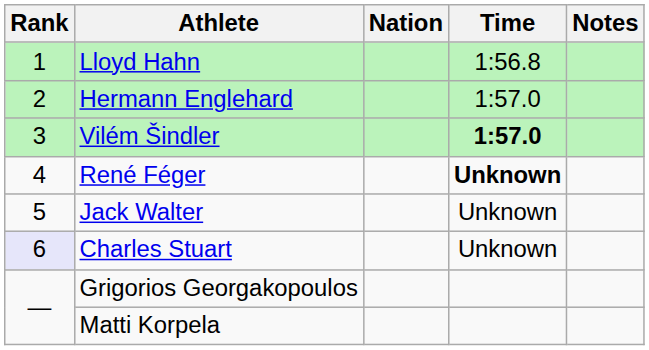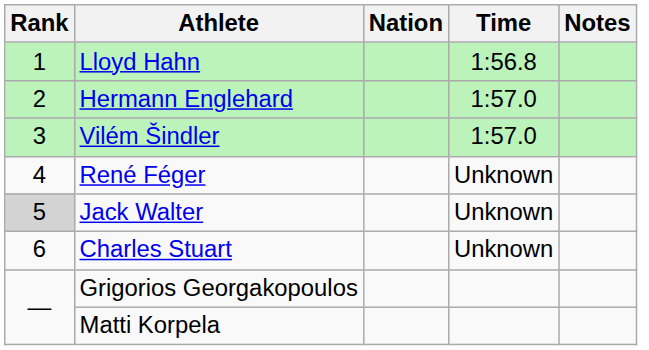 <table class="wikitable sortable" style="text-align:center">
 <tr>
 <th>Rank</th>
 <th>Athlete</th>
 <th>Nation</th>
 <th>Time</th>
 <th>Notes</th>
 </tr>
 <tr bgcolor=bbf3bb>
 <td>1</td>
 <td align=left><a href='#'>Lloyd Hahn</a></td>
 <td align=left></td>
 <td>1:56.8</td>
 <td></td>
 </tr>
 <tr bgcolor=bbf3bb>
 <td>2</td>
 <td align=left><a href='#'>Hermann Englehard</a></td>
 <td align=left></td>
 <td>1:57.0</td>
 <td></td>
 </tr>
 <tr bgcolor=bbf3bb>
 <td>3</td>
 <td align=left><a href='#'>Vilém Šindler</a></td>
 <td align=left></td>
-<td><strong>1:57.0</strong></td>
+<td>1:57.0</td>
 <td></td>
 </tr>
 <tr>
 <td>4</td>
 <td align=left><a href='#'>René Féger</a></td>
 <td align=left></td>
-<td data-sort-value=3:00.0><strong>Unknown</strong></td>
+<td data-sort-value=3:00.0>Unknown</td>
 <td></td>
 </tr>
 <tr>
-<td>5</td>
+<td style="background: lightgrey;">5</td>
 <td align=left><a href='#'>Jack Walter</a></td>
 <td align=left></td>
 <td data-sort-value=4:00.0>Unknown</td>
 <td></td>
 </tr>
 <tr>
-<td style="background: lavender;">6</td>
+<td>6</td>
 <td align=left><a href='#'>Charles Stuart</a></td>
 <td align=left></td>
 <td data-sort-value=5:00.0>Unknown</td>
 <td></td>
 </tr>
 <tr>
 <td rowspan=2 data-sort-value=7>—</td>
 <td align=left>Grigorios Georgakopoulos</td>
 <td align=left></td>
 <td></td>
 <td></td>
 </tr>
 <tr>
 <td align=left>Matti Korpela</td>
 <td align=left></td>
 <td></td>
 <td></td>
 </tr>
 </table>
